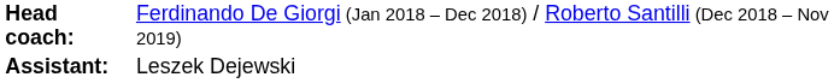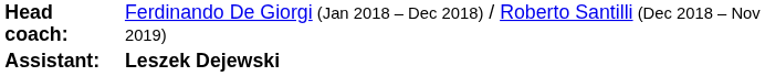 <table>
 <tr>
 <td><strong>Head coach:</strong></td>
 <td> <a href='#'>Ferdinando De Giorgi</a><small> (Jan 2018 – Dec 2018)</small> /  <a href='#'>Roberto Santilli</a><small> (Dec 2018 – Nov 2019)</small></td>
 </tr>
 <tr>
 <td><strong>Assistant:</strong></td>
-<td> Leszek Dejewski</td>
+<td><strong> Leszek Dejewski</strong></td>
 </tr>
 <tr>
 </tr>
 </table>
